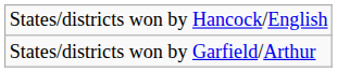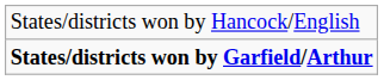 <table class="wikitable">
 <tr>
 <td>States/districts won by <a href='#'>Hancock</a>/<a href='#'>English</a></td>
 </tr>
 <tr>
-<td>States/districts won by <a href='#'>Garfield</a>/<a href='#'>Arthur</a></td>
+<td><strong>States/districts won by <a href='#'>Garfield</a>/<a href='#'>Arthur</a></strong></td>
 </tr>
 </table>
